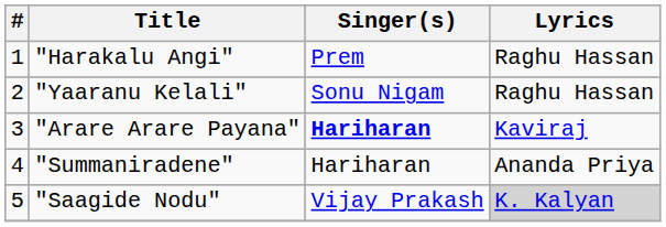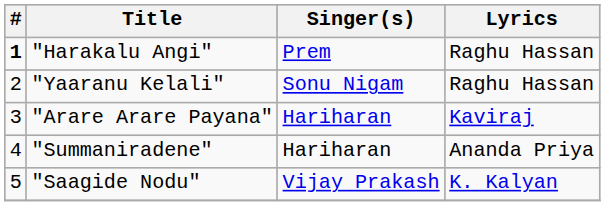 <table class="wikitable" style="font-size:95%;">
 <tr>
 <th>#</th>
 <th>Title</th>
 <th>Singer(s)</th>
 <th>Lyrics</th>
 </tr>
 <tr>
-<td>1</td>
+<td><strong>1</strong></td>
 <td>"Harakalu Angi"</td>
 <td><a href='#'>Prem</a></td>
 <td>Raghu Hassan</td>
 </tr>
 <tr>
 <td>2</td>
 <td>"Yaaranu Kelali"</td>
 <td><a href='#'>Sonu Nigam</a></td>
 <td>Raghu Hassan</td>
 </tr>
 <tr>
 <td>3</td>
 <td>"Arare Arare Payana"</td>
-<td><strong><a href='#'>Hariharan</a></strong></td>
+<td><a href='#'>Hariharan</a></td>
 <td><a href='#'>Kaviraj</a></td>
 </tr>
 <tr>
 <td>4</td>
 <td>"Summaniradene"</td>
 <td>Hariharan</td>
 <td>Ananda Priya</td>
 </tr>
 <tr>
 <td>5</td>
 <td>"Saagide Nodu"</td>
 <td><a href='#'>Vijay Prakash</a></td>
-<td style="background: lightgrey;"><a href='#'>K. Kalyan</a></td>
+<td><a href='#'>K. Kalyan</a></td>
 </tr>
 <tr>
 </tr>
 </table>
